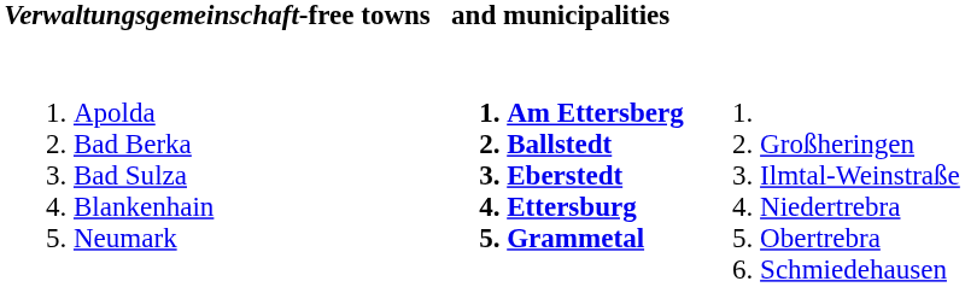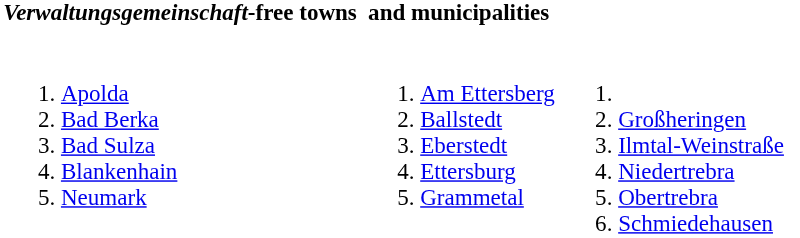 <table>
 <tr ---->
 <th><em>Verwaltungsgemeinschaft</em>-free towns</th>
 <th>and municipalities</th>
 </tr>
 <tr>
 <td valign=top><br><ol><li><a href='#'>Apolda</a></li><li><a href='#'>Bad Berka</a></li><li><a href='#'>Bad Sulza</a></li><li><a href='#'>Blankenhain</a></li><li><a href='#'>Neumark</a></li></ol></td>
-<td valign=top><strong><br><ol><li><a href='#'>Am Ettersberg</a></li><li><a href='#'>Ballstedt</a></li><li><a href='#'>Eberstedt</a></li><li><a href='#'>Ettersburg</a></li><li><a href='#'>Grammetal</a></li></ol></strong></td>
+<td valign=top><br><ol><li><a href='#'>Am Ettersberg</a></li><li><a href='#'>Ballstedt</a></li><li><a href='#'>Eberstedt</a></li><li><a href='#'>Ettersburg</a></li><li><a href='#'>Grammetal</a></li></ol></td>
 <td valign=top><br><ol><li><li><a href='#'>Großheringen</a></li><li><a href='#'>Ilmtal-Weinstraße</a></li><li><a href='#'>Niedertrebra</a></li><li><a href='#'>Obertrebra</a></li><li><a href='#'>Schmiedehausen</a></li></ol></td>
 </tr>
 </table>
